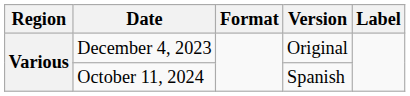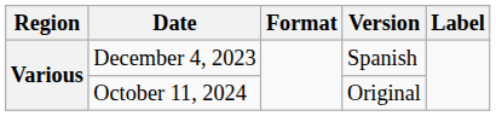 <table class="wikitable plainrowheaders">
 <tr>
 <th scope="col">Region</th>
 <th scope="col">Date</th>
 <th scope="col">Format</th>
 <th scope="col">Version</th>
 <th scope="col">Label</th>
 </tr>
 <tr>
 <th scope="row" rowspan="2">Various</th>
 <td>December 4, 2023</td>
 <td rowspan="2"></td>
-<td>Original</td>
+<td>Spanish</td>
 <td rowspan="2"></td>
 </tr>
 <tr>
 <td>October 11, 2024</td>
-<td>Spanish</td>
+<td>Original</td>
 </tr>
 </table>
